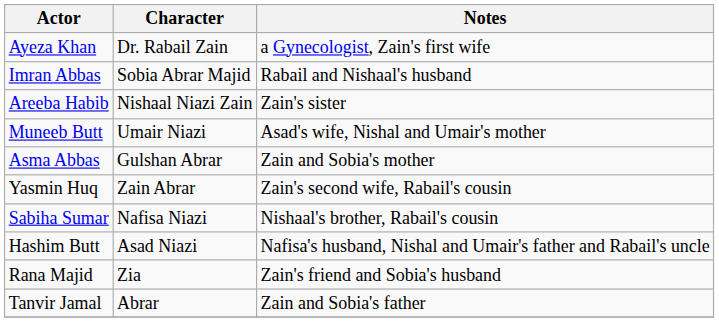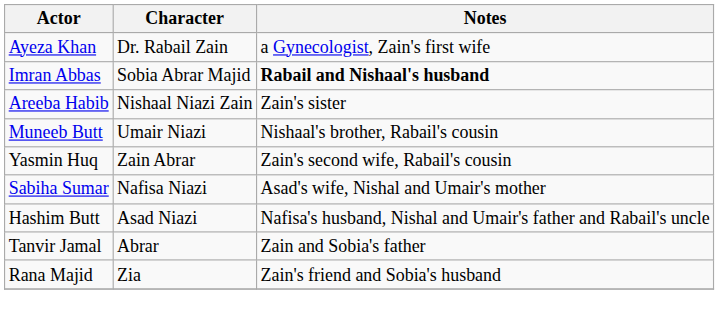 <table class="wikitable">
 <tr>
 <th>Actor</th>
 <th>Character</th>
 <th>Notes</th>
 </tr>
 <tr>
 <td><a href='#'>Ayeza Khan</a></td>
 <td>Dr. Rabail Zain</td>
 <td>a <a href='#'>Gynecologist</a>, Zain's first wife</td>
 </tr>
 <tr>
 <td><a href='#'>Imran Abbas</a></td>
 <td>Sobia Abrar Majid</td>
-<td>Rabail and Nishaal's husband</td>
+<td><strong>Rabail and Nishaal's husband</strong></td>
 </tr>
 <tr>
 <td><a href='#'>Areeba Habib</a></td>
 <td>Nishaal Niazi Zain</td>
 <td>Zain's sister</td>
 </tr>
 <tr>
 <td><a href='#'>Muneeb Butt</a></td>
 <td>Umair Niazi</td>
-<td>Asad's wife, Nishal and Umair's mother</td>
-</tr>
-<tr>
-<td><a href='#'>Asma Abbas</a></td>
-<td>Gulshan Abrar</td>
-<td>Zain and Sobia's mother</td>
+<td>Nishaal's brother, Rabail's cousin</td>
 </tr>
 <tr>
 <td>Yasmin Huq</td>
 <td>Zain Abrar</td>
 <td>Zain's second wife, Rabail's cousin</td>
 </tr>
 <tr>
 <td><a href='#'>Sabiha Sumar</a></td>
 <td>Nafisa Niazi</td>
-<td>Nishaal's brother, Rabail's cousin</td>
+<td>Asad's wife, Nishal and Umair's mother</td>
 </tr>
 <tr>
 <td>Hashim Butt</td>
 <td>Asad Niazi</td>
 <td>Nafisa's husband, Nishal and Umair's father and Rabail's uncle</td>
 </tr>
 <tr>
+<td>Tanvir Jamal</td>
+<td>Abrar</td>
+<td>Zain and Sobia's father</td>
+</tr>
+<tr>
 <td>Rana Majid</td>
 <td>Zia</td>
 <td>Zain's friend and Sobia's husband</td>
 </tr>
 <tr>
-<td>Tanvir Jamal</td>
-<td>Abrar</td>
-<td>Zain and Sobia's father</td>
-</tr>
-<tr>
 </tr>
 </table>
